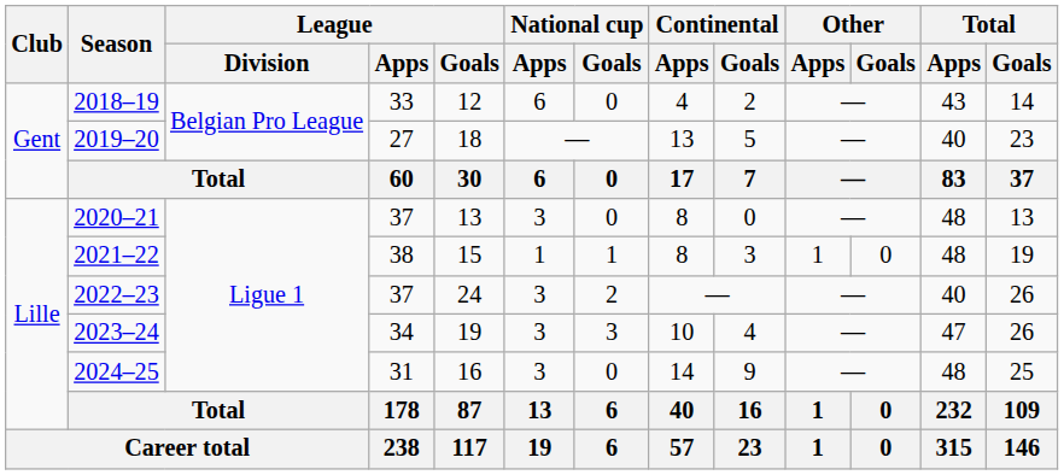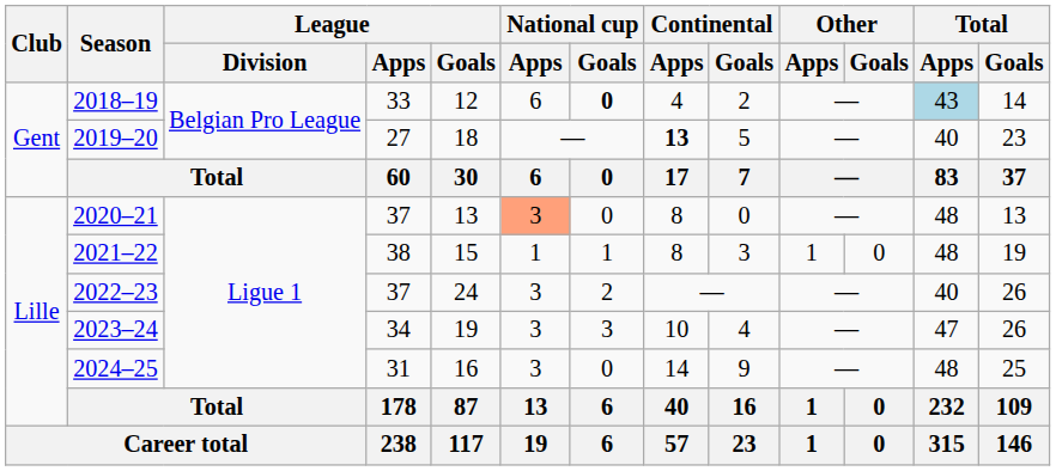 <table class="wikitable" style="text-align:center">
 <tr>
 <th rowspan="2">Club</th>
 <th rowspan="2">Season</th>
 <th colspan="3">League</th>
 <th colspan="2">National cup</th>
 <th colspan="2">Continental</th>
 <th colspan="2">Other</th>
 <th colspan="2">Total</th>
 </tr>
 <tr>
 <th>Division</th>
 <th>Apps</th>
 <th>Goals</th>
 <th>Apps</th>
 <th>Goals</th>
 <th>Apps</th>
 <th>Goals</th>
 <th>Apps</th>
 <th>Goals</th>
 <th>Apps</th>
 <th>Goals</th>
 </tr>
 <tr>
 <td rowspan="3"><a href='#'>Gent</a></td>
 <td><a href='#'>2018–19</a></td>
 <td rowspan="2"><a href='#'>Belgian Pro League</a></td>
 <td>33</td>
 <td>12</td>
 <td>6</td>
-<td>0</td>
+<td><strong>0</strong></td>
 <td>4</td>
 <td>2</td>
 <td colspan="2">—</td>
-<td>43</td>
+<td style="background: lightblue;">43</td>
 <td>14</td>
 </tr>
 <tr>
 <td><a href='#'>2019–20</a></td>
 <td>27</td>
 <td>18</td>
 <td colspan="2">—</td>
-<td>13</td>
+<td><strong>13</strong></td>
 <td>5</td>
 <td colspan="2">—</td>
 <td>40</td>
 <td>23</td>
 </tr>
 <tr>
 <th colspan="2">Total</th>
 <th>60</th>
 <th>30</th>
 <th>6</th>
 <th>0</th>
 <th>17</th>
 <th>7</th>
 <th colspan="2">—</th>
 <th>83</th>
 <th>37</th>
 </tr>
 <tr>
 <td rowspan="6"><a href='#'>Lille</a></td>
 <td><a href='#'>2020–21</a></td>
 <td rowspan="5"><a href='#'>Ligue 1</a></td>
 <td>37</td>
 <td>13</td>
-<td>3</td>
+<td style="background: lightsalmon;">3</td>
 <td>0</td>
 <td>8</td>
 <td>0</td>
 <td colspan="2">—</td>
 <td>48</td>
 <td>13</td>
 </tr>
 <tr>
 <td><a href='#'>2021–22</a></td>
 <td>38</td>
 <td>15</td>
 <td>1</td>
 <td>1</td>
 <td>8</td>
 <td>3</td>
 <td>1</td>
 <td>0</td>
 <td>48</td>
 <td>19</td>
 </tr>
 <tr>
 <td><a href='#'>2022–23</a></td>
 <td>37</td>
 <td>24</td>
 <td>3</td>
 <td>2</td>
 <td colspan="2">—</td>
 <td colspan="2">—</td>
 <td>40</td>
 <td>26</td>
 </tr>
 <tr>
 <td><a href='#'>2023–24</a></td>
 <td>34</td>
 <td>19</td>
 <td>3</td>
 <td>3</td>
 <td>10</td>
 <td>4</td>
 <td colspan="2">—</td>
 <td>47</td>
 <td>26</td>
 </tr>
 <tr>
 <td><a href='#'>2024–25</a></td>
 <td>31</td>
 <td>16</td>
 <td>3</td>
 <td>0</td>
 <td>14</td>
 <td>9</td>
 <td colspan="2">—</td>
 <td>48</td>
 <td>25</td>
 </tr>
 <tr>
 <th colspan="2">Total</th>
 <th>178</th>
 <th>87</th>
 <th>13</th>
 <th>6</th>
 <th>40</th>
 <th>16</th>
 <th>1</th>
 <th>0</th>
 <th>232</th>
 <th>109</th>
 </tr>
 <tr>
 <th colspan="3">Career total</th>
 <th>238</th>
 <th>117</th>
 <th>19</th>
 <th>6</th>
 <th>57</th>
 <th>23</th>
 <th>1</th>
 <th>0</th>
 <th>315</th>
 <th>146</th>
 </tr>
 </table>
